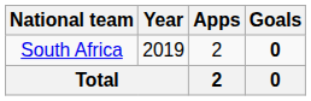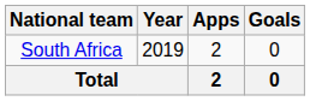 <table class="wikitable" style="text-align:center">
 <tr>
 <th>National team</th>
 <th>Year</th>
 <th>Apps</th>
 <th>Goals</th>
 </tr>
 <tr>
 <td rowspan="1"><a href='#'>South Africa</a></td>
 <td>2019</td>
 <td>2</td>
-<td><strong>0</strong></td>
+<td>0</td>
 </tr>
 <tr>
 <th colspan=2>Total</th>
 <th>2</th>
 <th>0</th>
 </tr>
 </table>
